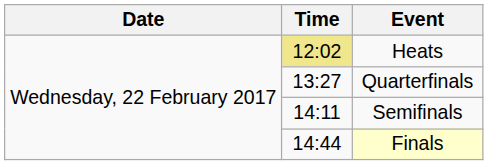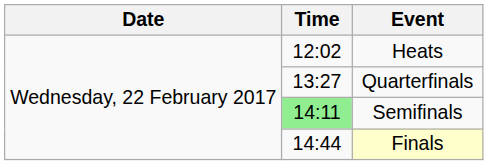 <table class = "wikitable" style="text-align:center;">
 <tr>
 <th width=220>Date</th>
 <th width=50>Time</th>
 <th width=100>Event</th>
 </tr>
 <tr>
 <td rowspan=4>Wednesday, 22 February 2017</td>
-<td style="background: khaki;">12:02</td>
+<td>12:02</td>
 <td>Heats</td>
 </tr>
 <tr>
 <td>13:27</td>
 <td>Quarterfinals</td>
 </tr>
 <tr>
-<td>14:11</td>
+<td style="background: lightgreen;">14:11</td>
 <td>Semifinals</td>
 </tr>
 <tr>
 <td>14:44</td>
 <td bgcolor=ffffcc>Finals</td>
 </tr>
 </table>
